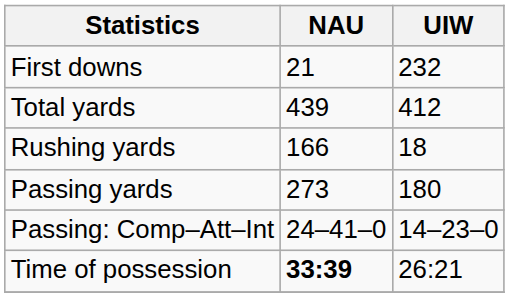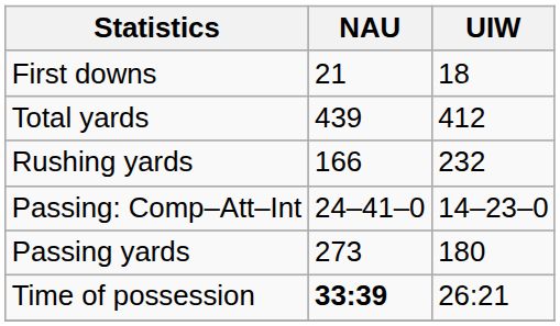 <table class="wikitable" style="float: left;">
 <tr>
 <th>Statistics</th>
 <th>NAU</th>
 <th>UIW</th>
 </tr>
 <tr>
 <td>First downs</td>
 <td>21</td>
-<td>232</td>
+<td>18</td>
 </tr>
 <tr>
 <td>Total yards</td>
 <td>439</td>
 <td>412</td>
 </tr>
 <tr>
 <td>Rushing yards</td>
 <td>166</td>
-<td>18</td>
+<td>232</td>
+</tr>
+<tr>
+<td>Passing: Comp–Att–Int</td>
+<td>24–41–0</td>
+<td>14–23–0</td>
 </tr>
 <tr>
 <td>Passing yards</td>
 <td>273</td>
 <td>180</td>
-</tr>
-<tr>
-<td>Passing: Comp–Att–Int</td>
-<td>24–41–0</td>
-<td>14–23–0</td>
 </tr>
 <tr>
 <td>Time of possession</td>
 <td><strong>33:39</strong></td>
 <td>26:21</td>
 </tr>
 <tr>
 </tr>
 </table>
